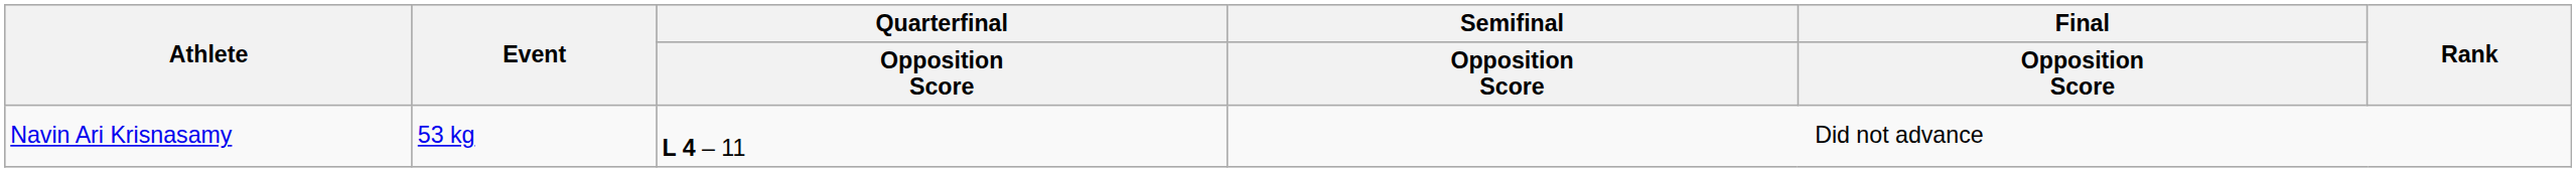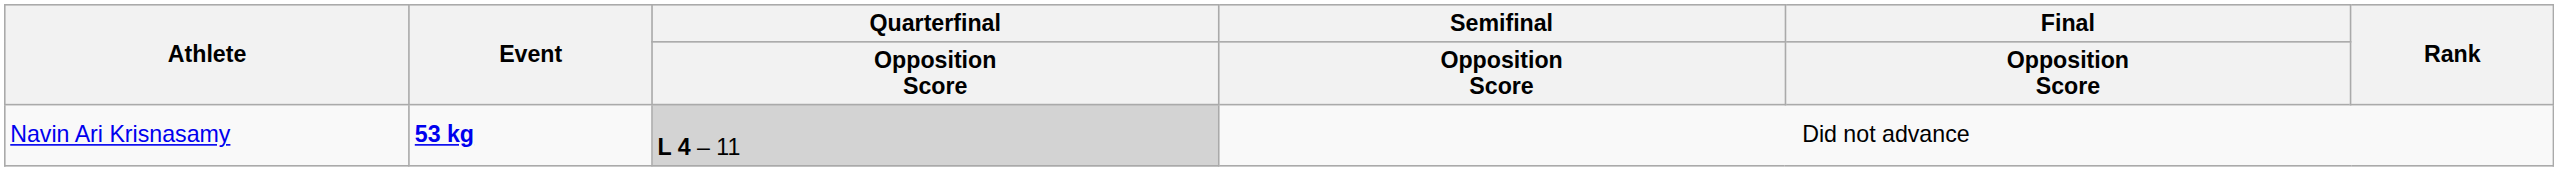 <table class="wikitable" width="100%" style="text-align:left; font-size:90%">
 <tr>
 <th rowspan=2 width="10%">Athlete</th>
 <th rowspan=2 width="6%">Event</th>
 <th width="14%">Quarterfinal</th>
 <th width="14%">Semifinal</th>
 <th width="14%">Final</th>
 <th rowspan=2 width="5%">Rank</th>
 </tr>
 <tr>
 <th>Opposition<br>Score</th>
 <th>Opposition<br>Score</th>
 <th>Opposition<br>Score</th>
 </tr>
 <tr>
 <td><a href='#'>Navin Ari Krisnasamy</a></td>
-<td><a href='#'>53 kg</a></td>
-<td><br><strong>L 4</strong> – 11</td>
+<td><strong><a href='#'>53 kg</a></strong></td>
+<td style="background: lightgrey;"><br><strong>L 4</strong> – 11</td>
 <td colspan=3 align=center>Did not advance</td>
 </tr>
 </table>
